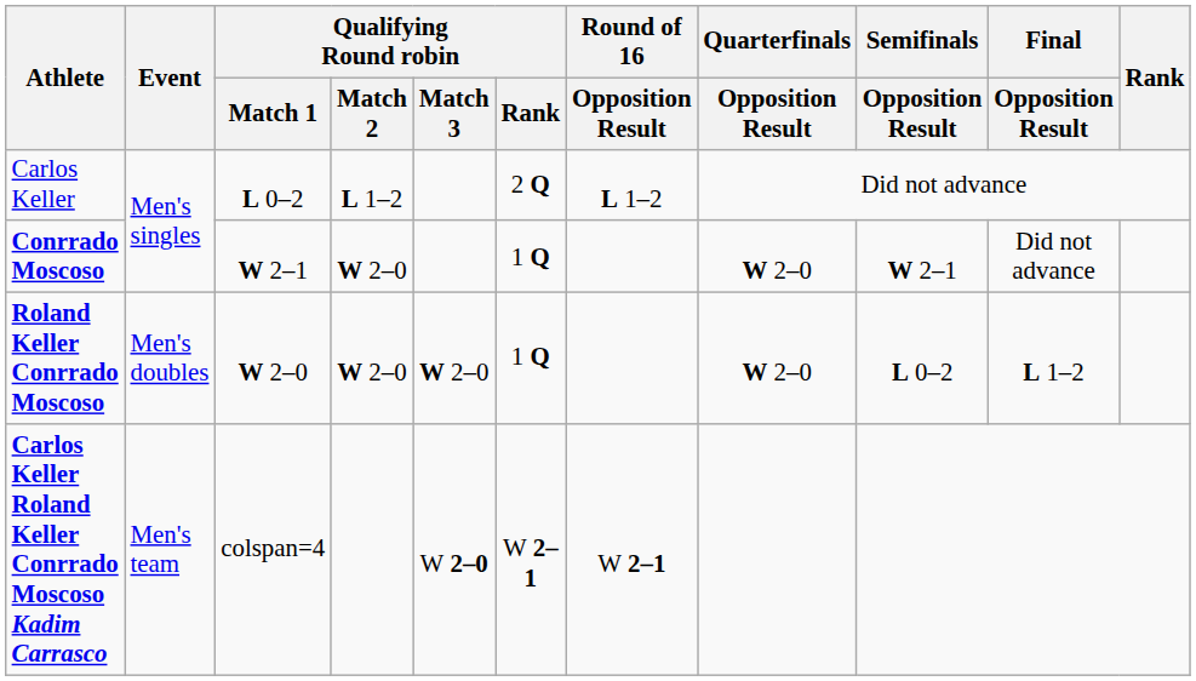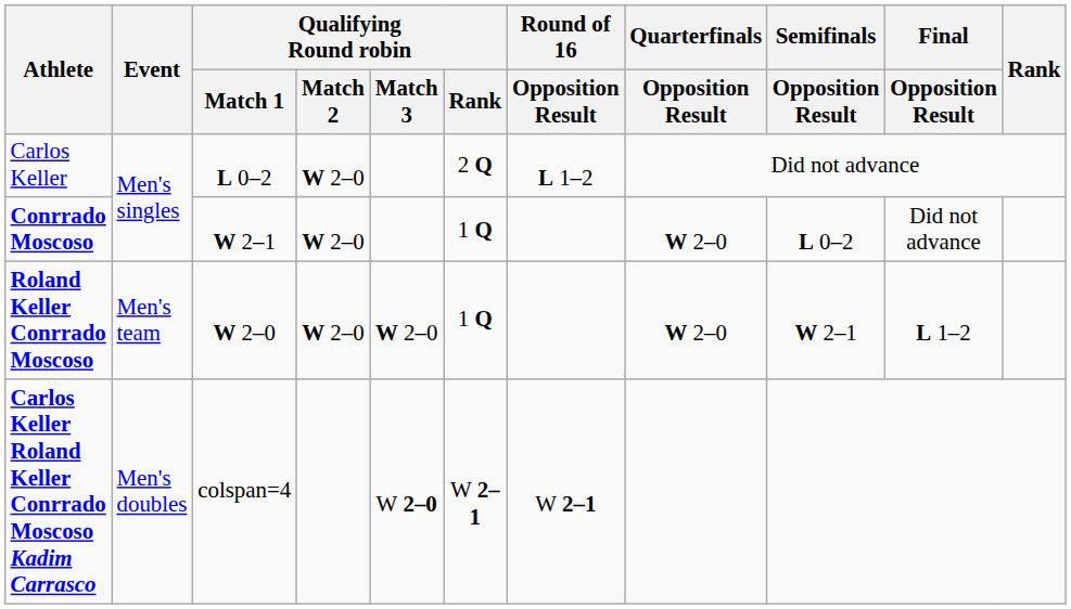 <table class="wikitable" style="font-size:90%">
 <tr>
 <th rowspan="2">Athlete</th>
 <th rowspan="2">Event</th>
 <th colspan="4">Qualifying<br>Round robin</th>
 <th>Round of 16</th>
 <th>Quarterfinals</th>
 <th>Semifinals</th>
 <th>Final</th>
 <th rowspan="2">Rank</th>
 </tr>
 <tr>
 <th>Match 1</th>
 <th>Match 2</th>
 <th>Match 3</th>
 <th>Rank</th>
 <th>Opposition<br>Result</th>
 <th>Opposition<br>Result</th>
 <th>Opposition<br>Result</th>
 <th>Opposition<br>Result</th>
 </tr>
 <tr align=center>
 <td align=left><a href='#'>Carlos Keller</a></td>
 <td rowspan=2 align=left><a href='#'>Men's singles</a></td>
 <td><br><strong>L</strong> 0–2</td>
-<td><br><strong>L</strong> 1–2</td>
+<td><br><strong>W</strong> 2–0</td>
 <td></td>
 <td>2 <strong>Q</strong></td>
 <td><br><strong>L</strong> 1–2</td>
 <td colspan=4>Did not advance</td>
 </tr>
 <tr align=center>
 <td align=left><strong><a href='#'>Conrrado Moscoso</a></strong></td>
 <td><br><strong>W</strong> 2–1</td>
 <td><br><strong>W</strong> 2–0</td>
 <td></td>
 <td>1 <strong>Q</strong></td>
 <td></td>
 <td><br><strong>W</strong> 2–0</td>
-<td><br><strong>W</strong> 2–1</td>
+<td><br><strong>L</strong> 0–2</td>
 <td>Did not advance</td>
 <td></td>
 </tr>
 <tr align=center>
 <td align=left><strong><a href='#'>Roland Keller</a><br><a href='#'>Conrrado Moscoso</a></strong></td>
-<td align=left><a href='#'>Men's doubles</a></td>
+<td align=left><a href='#'>Men's team</a></td>
 <td><br><strong>W</strong> 2–0</td>
 <td><br><strong>W</strong> 2–0</td>
 <td><br><strong>W</strong> 2–0</td>
 <td>1 <strong>Q</strong></td>
 <td></td>
 <td><br><strong>W</strong> 2–0</td>
-<td><br><strong>L</strong> 0–2</td>
+<td><br><strong>W</strong> 2–1</td>
 <td><br><strong>L</strong> 1–2</td>
 <td></td>
 </tr>
 <tr align=center>
 <td align=left><strong><a href='#'>Carlos Keller</a><br><a href='#'>Roland Keller</a><br><a href='#'>Conrrado Moscoso</a><br><em><a href='#'>Kadim Carrasco</a><strong><em></td>
-<td align=left><a href='#'>Men's team</a></td>
+<td align=left><a href='#'>Men's doubles</a></td>
 <td>colspan=4 </td>
 <td></td>
 <td><br></strong>W<strong> 2–0</td>
 <td><br></strong>W<strong> 2–1</td>
 <td><br></strong>W<strong> 2–1</td>
 <td></td>
 </tr>
 </table>
